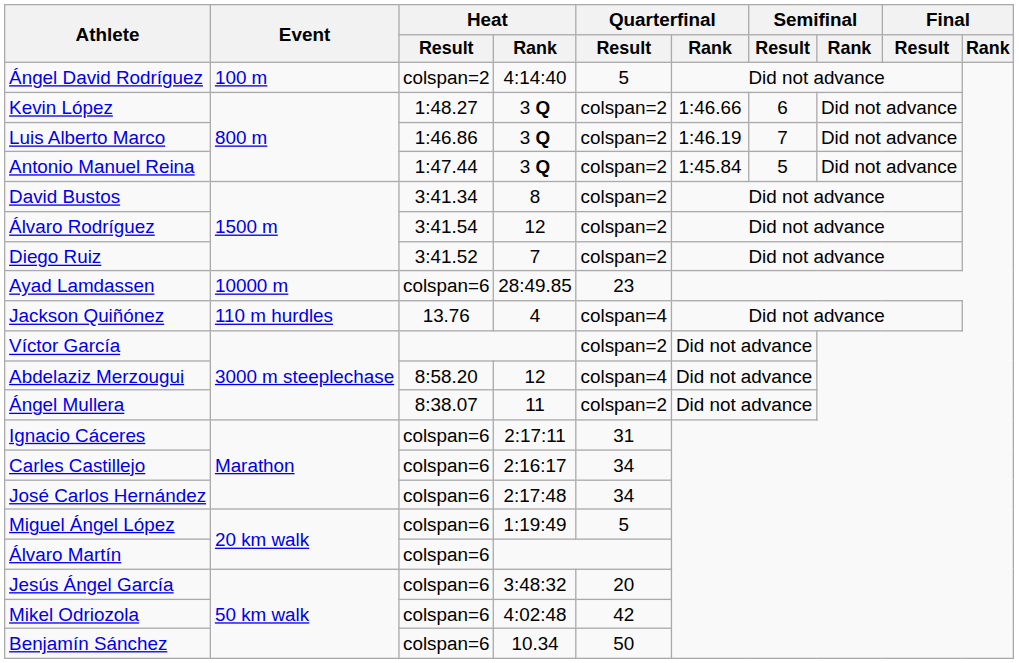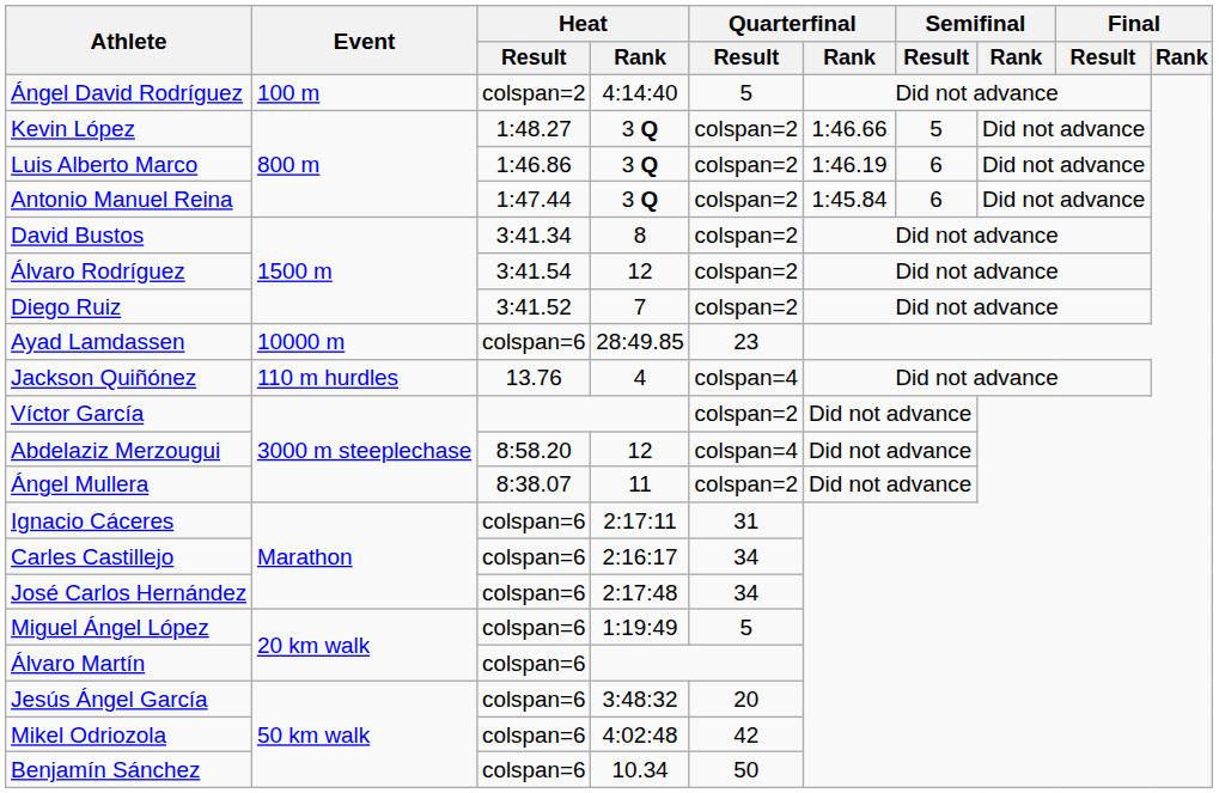 <table class="wikitable" style="font-size:90%">
 <tr>
 <th rowspan="2">Athlete</th>
 <th rowspan="2">Event</th>
 <th colspan="2">Heat</th>
 <th colspan="2">Quarterfinal</th>
 <th colspan="2">Semifinal</th>
 <th colspan="2">Final</th>
 </tr>
 <tr style="font-size:95%">
 <th>Result</th>
 <th>Rank</th>
 <th>Result</th>
 <th>Rank</th>
 <th>Result</th>
 <th>Rank</th>
 <th>Result</th>
 <th>Rank</th>
 </tr>
 <tr align=center>
 <td align=left><a href='#'>Ángel David Rodríguez</a></td>
 <td align=left><a href='#'>100 m</a></td>
 <td>colspan=2 </td>
 <td>4:14:40</td>
 <td>5</td>
 <td colspan=4>Did not advance</td>
 </tr>
 <tr align=center>
 <td align=left><a href='#'>Kevin López</a></td>
 <td align=left rowspan=3><a href='#'>800 m</a></td>
 <td>1:48.27</td>
 <td>3 <strong>Q</strong></td>
 <td>colspan=2 </td>
 <td>1:46.66</td>
-<td>6</td>
+<td>5</td>
 <td colspan=2>Did not advance</td>
 </tr>
 <tr align=center>
 <td align=left><a href='#'>Luis Alberto Marco</a></td>
 <td>1:46.86</td>
 <td>3 <strong>Q</strong></td>
 <td>colspan=2 </td>
 <td>1:46.19</td>
-<td>7</td>
+<td>6</td>
 <td colspan=2>Did not advance</td>
 </tr>
 <tr align=center>
 <td align=left><a href='#'>Antonio Manuel Reina</a></td>
 <td>1:47.44</td>
 <td>3 <strong>Q</strong></td>
 <td>colspan=2 </td>
 <td>1:45.84</td>
-<td>5</td>
+<td>6</td>
 <td colspan=2>Did not advance</td>
 </tr>
 <tr align=center>
 <td align=left><a href='#'>David Bustos</a></td>
 <td align=left rowspan=3><a href='#'>1500 m</a></td>
 <td>3:41.34</td>
 <td>8</td>
 <td>colspan=2 </td>
 <td colspan=4>Did not advance</td>
 </tr>
 <tr align=center>
 <td align=left><a href='#'>Álvaro Rodríguez</a></td>
 <td>3:41.54</td>
 <td>12</td>
 <td>colspan=2 </td>
 <td colspan=4>Did not advance</td>
 </tr>
 <tr align=center>
 <td align=left><a href='#'>Diego Ruiz</a></td>
 <td>3:41.52</td>
 <td>7</td>
 <td>colspan=2 </td>
 <td colspan=4>Did not advance</td>
 </tr>
 <tr align=center>
 <td align=left><a href='#'>Ayad Lamdassen</a></td>
 <td align=left><a href='#'>10000 m</a></td>
 <td>colspan=6 </td>
 <td>28:49.85</td>
 <td>23</td>
 </tr>
 <tr align=center>
 <td align=left><a href='#'>Jackson Quiñónez</a></td>
 <td align=left><a href='#'>110 m hurdles</a></td>
 <td>13.76</td>
 <td>4</td>
 <td>colspan=4 </td>
 <td colspan=4>Did not advance</td>
 </tr>
 <tr align=center>
 <td align=left><a href='#'>Víctor García</a></td>
 <td align=left rowspan=3><a href='#'>3000 m steeplechase</a></td>
 <td colspan=2></td>
 <td>colspan=2 </td>
 <td colspan=2>Did not advance</td>
 </tr>
 <tr align=center>
 <td align=left><a href='#'>Abdelaziz Merzougui</a></td>
 <td>8:58.20</td>
 <td>12</td>
 <td>colspan=4 </td>
 <td colspan=2>Did not advance</td>
 </tr>
 <tr align=center>
 <td align=left><a href='#'>Ángel Mullera</a></td>
 <td>8:38.07</td>
 <td>11</td>
 <td>colspan=2 </td>
 <td colspan=2>Did not advance</td>
 </tr>
 <tr align=center>
 <td align=left><a href='#'>Ignacio Cáceres</a></td>
 <td align=left rowspan=3><a href='#'>Marathon</a></td>
 <td>colspan=6 </td>
 <td>2:17:11</td>
 <td>31</td>
 </tr>
 <tr align=center>
 <td align=left><a href='#'>Carles Castillejo</a></td>
 <td>colspan=6 </td>
 <td>2:16:17</td>
 <td>34</td>
 </tr>
 <tr align=center>
 <td align=left><a href='#'>José Carlos Hernández</a></td>
 <td>colspan=6 </td>
 <td>2:17:48</td>
 <td>34</td>
 </tr>
 <tr align=center>
 <td align=left><a href='#'>Miguel Ángel López</a></td>
 <td align=left rowspan=2><a href='#'>20 km walk</a></td>
 <td>colspan=6 </td>
 <td>1:19:49</td>
 <td>5</td>
 </tr>
 <tr align=center>
 <td align=left><a href='#'>Álvaro Martín</a></td>
 <td>colspan=6 </td>
 <td colspan=2></td>
 </tr>
 <tr align=center>
 <td align=left><a href='#'>Jesús Ángel García</a></td>
 <td align=left rowspan=3><a href='#'>50 km walk</a></td>
 <td>colspan=6 </td>
 <td>3:48:32</td>
 <td>20</td>
 </tr>
 <tr align=center>
 <td align=left><a href='#'>Mikel Odriozola</a></td>
 <td>colspan=6 </td>
 <td>4:02:48</td>
 <td>42</td>
 </tr>
 <tr align=center>
 <td align=left><a href='#'>Benjamín Sánchez</a></td>
 <td>colspan=6 </td>
 <td>10.34</td>
 <td>50</td>
 </tr>
 </table>
